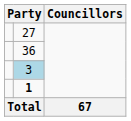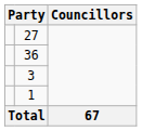 <table class="wikitable">
 <tr>
 <th colspan=2>Party</th>
 <th>Councillors</th>
 </tr>
 <tr>
 <td></td>
 <td align=center>27</td>
 </tr>
 <tr>
 <td></td>
 <td align=center>36</td>
 </tr>
 <tr>
 <td></td>
-<td align=center style="background: lightblue;">3</td>
+<td align=center>3</td>
 </tr>
 <tr>
 <td></td>
-<td align=center><strong>1</strong></td>
+<td align=center>1</td>
 </tr>
 <tr>
 <th colspan=2>Total</th>
 <th align=center>67</th>
 </tr>
 </table>
